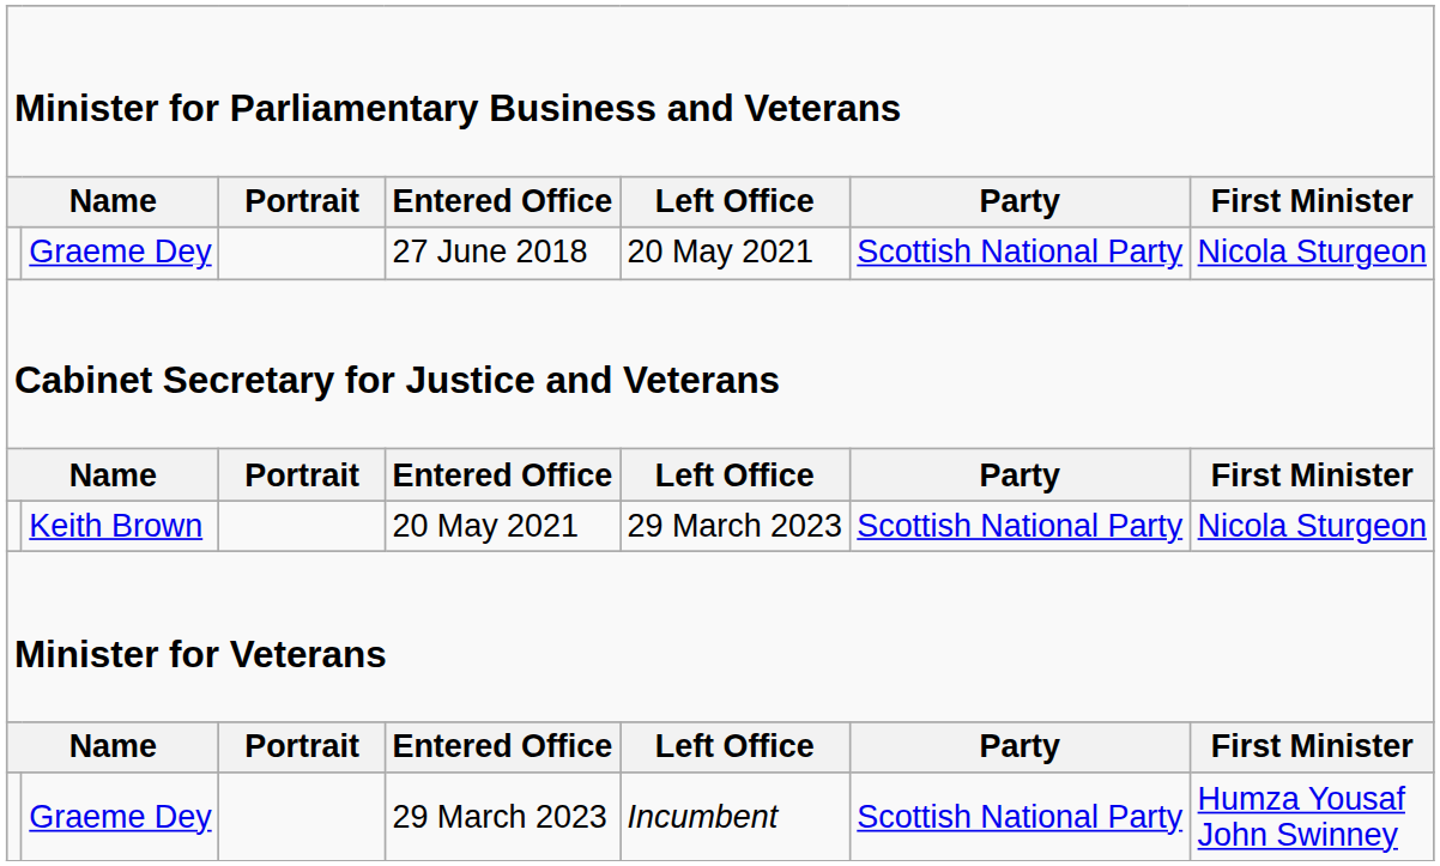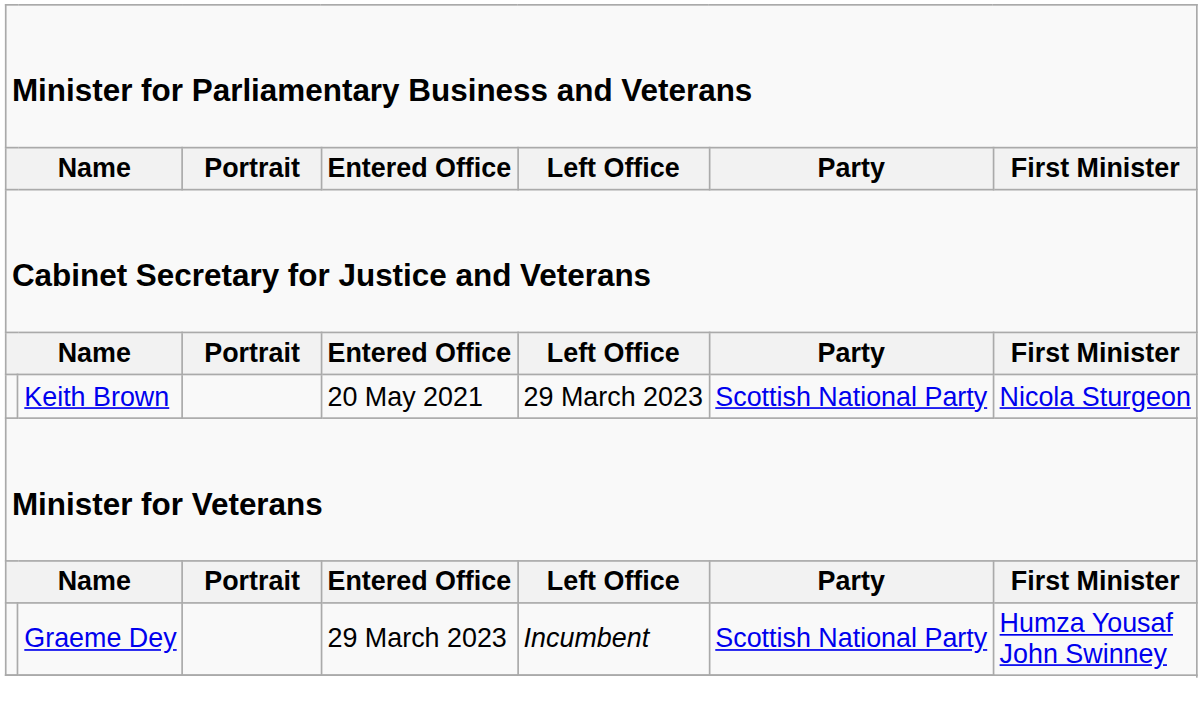 <table class="wikitable" style="margin: 0 0 0 1em; background: #f9f9f9; border: 1px #aaaaaa solid; border-collapse: collapse; ">
 <tr>
 <td colspan="7"><br><h3>Minister for Parliamentary Business and Veterans</h3></td>
 </tr>
 <tr>
 <th colspan="2">Name</th>
 <th width="75">Portrait</th>
 <th>Entered Office</th>
 <th>Left Office</th>
 <th>Party</th>
 <th>First Minister</th>
-</tr>
-<tr>
-<td></td>
-<td><a href='#'>Graeme Dey</a></td>
-<td></td>
-<td>27 June 2018</td>
-<td>20 May 2021</td>
-<td><a href='#'>Scottish National Party</a></td>
-<td><a href='#'>Nicola Sturgeon</a></td>
 </tr>
 <tr>
 <td colspan="7"><br><h3>Cabinet Secretary for Justice and Veterans</h3></td>
 </tr>
 <tr>
 <th colspan="2">Name</th>
 <th width="75">Portrait</th>
 <th>Entered Office</th>
 <th>Left Office</th>
 <th>Party</th>
 <th>First Minister</th>
 </tr>
 <tr>
 <td></td>
 <td><a href='#'>Keith Brown</a></td>
 <td></td>
 <td>20 May 2021</td>
 <td>29 March 2023</td>
 <td><a href='#'>Scottish National Party</a></td>
 <td><a href='#'>Nicola Sturgeon</a></td>
 </tr>
 <tr>
 <td colspan="7"><br><h3>Minister for Veterans</h3></td>
 </tr>
 <tr>
 <th colspan="2">Name</th>
 <th width="75">Portrait</th>
 <th>Entered Office</th>
 <th>Left Office</th>
 <th>Party</th>
 <th>First Minister</th>
 </tr>
 <tr>
 <td></td>
 <td><a href='#'>Graeme Dey</a></td>
 <td></td>
 <td>29 March 2023</td>
 <td><em>Incumbent</em></td>
 <td><a href='#'>Scottish National Party</a></td>
 <td rowspan="2"><a href='#'>Humza Yousaf</a><br><a href='#'>John Swinney</a></td>
 </tr>
 <tr>
 </tr>
 </table>
